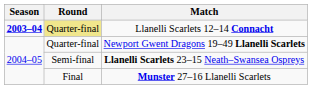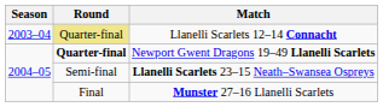 <table class="wikitable" style="text-align:center">
 <tr>
 <th>Season</th>
 <th>Round</th>
 <th>Match</th>
 </tr>
 <tr>
-<td><strong><a href='#'>2003–04</a></strong></td>
+<td><a href='#'>2003–04</a></td>
 <td style="background: khaki;">Quarter-final</td>
 <td colspan="7">Llanelli Scarlets 12–14 <strong><a href='#'>Connacht</a></strong></td>
 </tr>
 <tr>
 <td rowspan="3"><a href='#'>2004–05</a></td>
-<td>Quarter-final</td>
+<td><strong>Quarter-final</strong></td>
 <td colspan="7"><a href='#'>Newport Gwent Dragons</a> 19–49 <strong>Llanelli Scarlets</strong></td>
 </tr>
 <tr>
 <td>Semi-final</td>
 <td colspan="7"><strong>Llanelli Scarlets</strong> 23–15 <a href='#'>Neath–Swansea Ospreys</a></td>
 </tr>
 <tr>
 <td>Final</td>
 <td colspan="7"><strong><a href='#'>Munster</a></strong> 27–16 Llanelli Scarlets</td>
 </tr>
 </table>
